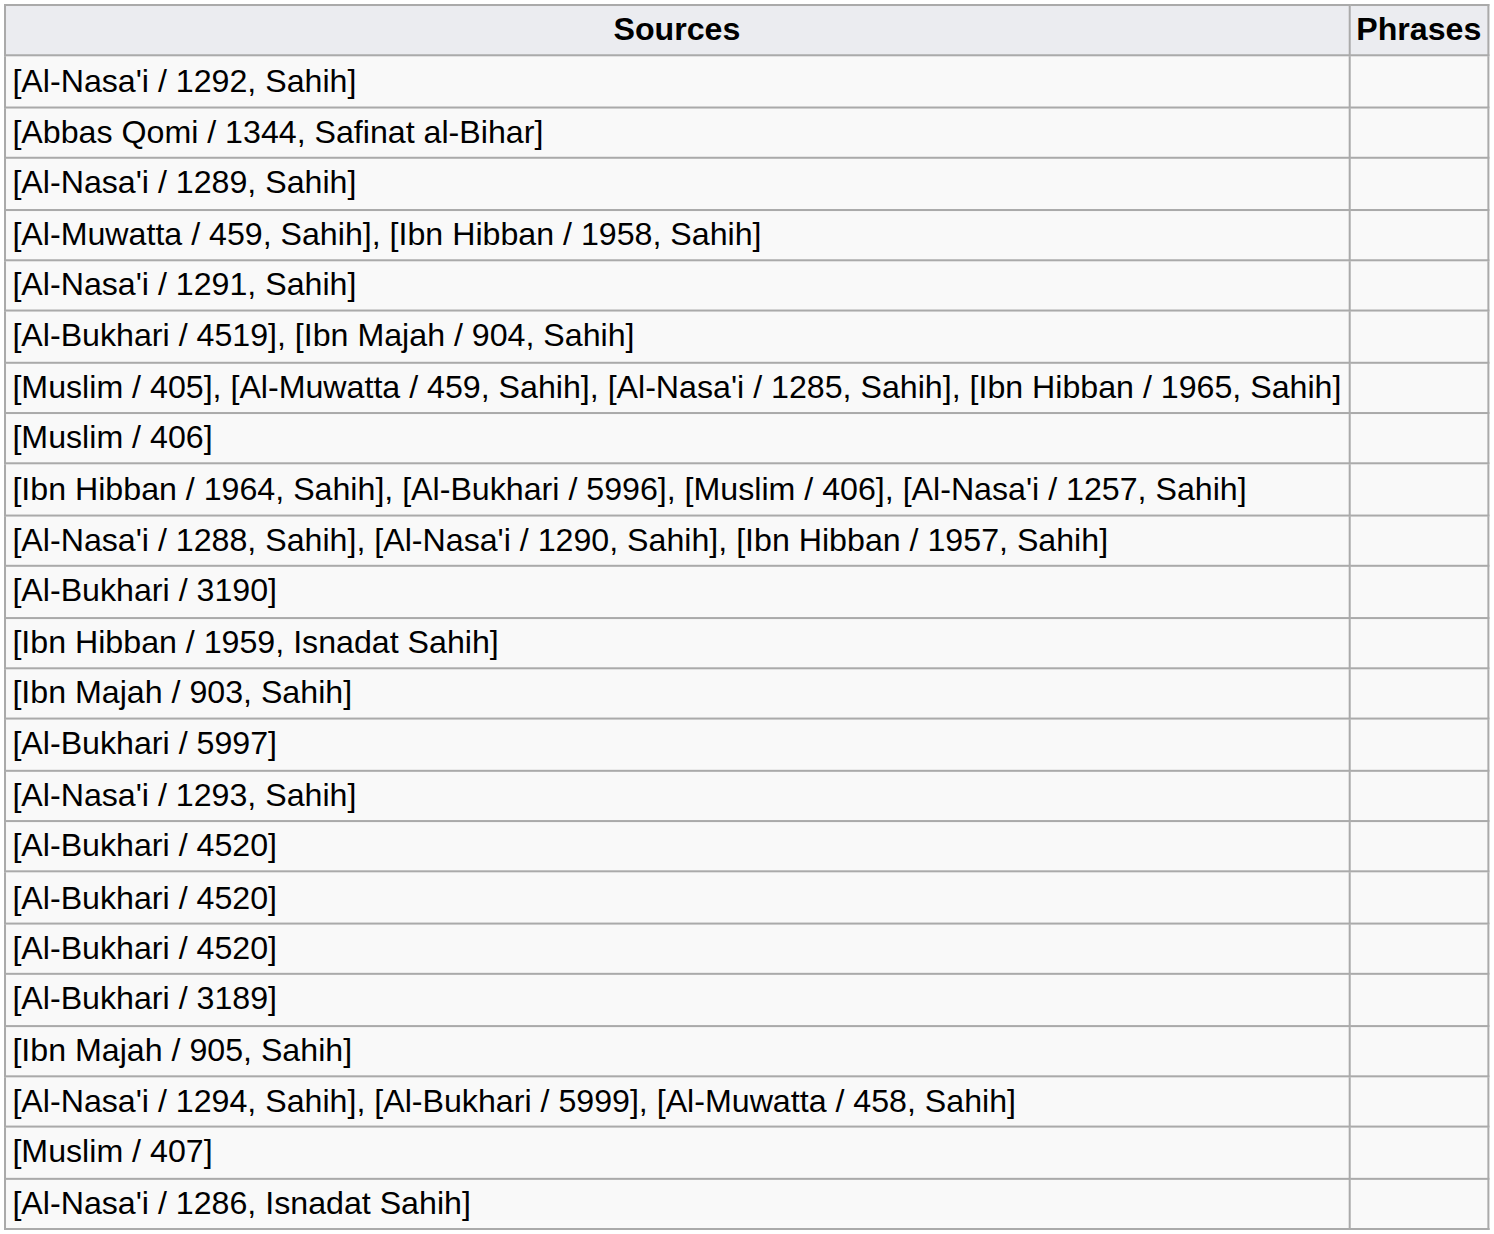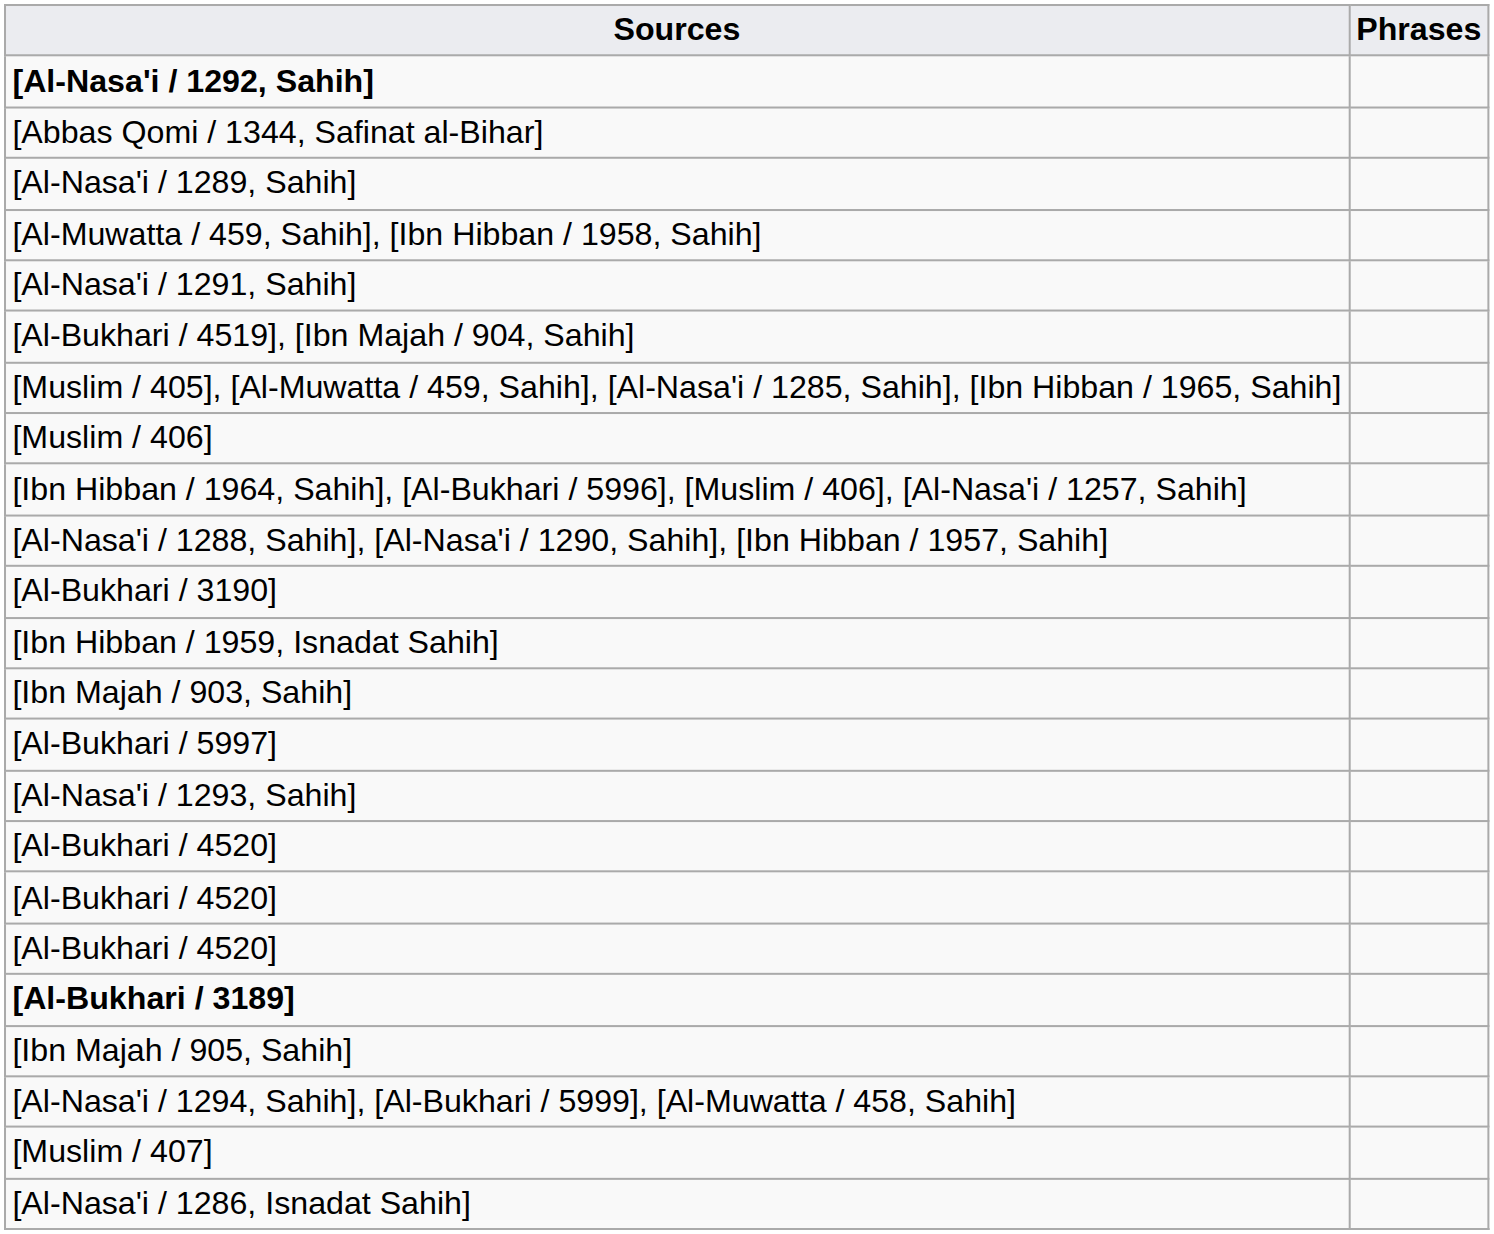 <table class="wikitable">
 <tr style="text-align: center; font-size: thin; margin-center: inherit" bgcolor="#ebecf0">
 <td><strong>Sources</strong></td>
 <td><strong>Phrases</strong></td>
 </tr>
 <tr style="vertical-align: top;">
-<td align="left">[Al-Nasa'i / 1292, Sahih]</td>
+<td align="left"><strong>[Al-Nasa'i / 1292, Sahih]</strong></td>
 <td align="right"></td>
 </tr>
 <tr>
 <td align="left">[Abbas Qomi / 1344, Safinat al-Bihar]</td>
 <td align="right"></td>
 </tr>
 <tr>
 <td align="left">[Al-Nasa'i / 1289, Sahih]</td>
 <td align="right"></td>
 </tr>
 <tr>
 <td align="left">[Al-Muwatta / 459, Sahih], [Ibn Hibban / 1958, Sahih]</td>
 <td align="right"></td>
 </tr>
 <tr>
 <td align="left">[Al-Nasa'i / 1291, Sahih]</td>
 <td align="right"></td>
 </tr>
 <tr>
 <td align="left">[Al-Bukhari / 4519], [Ibn Majah / 904, Sahih]</td>
 <td align="right"></td>
 </tr>
 <tr>
 <td align="left">[Muslim / 405], [Al-Muwatta / 459, Sahih], [Al-Nasa'i / 1285, Sahih], [Ibn Hibban / 1965, Sahih]</td>
 <td align="right"></td>
 </tr>
 <tr>
 <td align="left">[Muslim / 406]</td>
 <td align="right"></td>
 </tr>
 <tr>
 <td align="left">[Ibn Hibban / 1964, Sahih], [Al-Bukhari / 5996], [Muslim / 406], [Al-Nasa'i / 1257, Sahih]</td>
 <td align="right"></td>
 </tr>
 <tr>
 <td align="left">[Al-Nasa'i / 1288, Sahih], [Al-Nasa'i / 1290, Sahih], [Ibn Hibban / 1957, Sahih]</td>
 <td align="right"></td>
 </tr>
 <tr>
 <td align="left">[Al-Bukhari / 3190]</td>
 <td align="right"></td>
 </tr>
 <tr>
 <td align="left">[Ibn Hibban / 1959, Isnadat Sahih]</td>
 <td align="right"></td>
 </tr>
 <tr>
 <td align="left">[Ibn Majah / 903, Sahih]</td>
 <td align="right"></td>
 </tr>
 <tr>
 <td align="left">[Al-Bukhari / 5997]</td>
 <td align="right"></td>
 </tr>
 <tr>
 <td align="left">[Al-Nasa'i / 1293, Sahih]</td>
 <td align="right"></td>
 </tr>
 <tr>
 <td align="left">[Al-Bukhari / 4520]</td>
 <td align="right"></td>
 </tr>
 <tr>
 <td align="left">[Al-Bukhari / 4520]</td>
 <td align="right"></td>
 </tr>
 <tr>
 <td align="left">[Al-Bukhari / 4520]</td>
 <td align="right"></td>
 </tr>
 <tr>
-<td align="left">[Al-Bukhari / 3189]</td>
+<td align="left"><strong>[Al-Bukhari / 3189]</strong></td>
 <td align="right"></td>
 </tr>
 <tr>
 <td align="left">[Ibn Majah / 905, Sahih]</td>
 <td align="right"></td>
 </tr>
 <tr>
 <td align="left">[Al-Nasa'i / 1294, Sahih], [Al-Bukhari / 5999], [Al-Muwatta / 458, Sahih]</td>
 <td align="right"></td>
 </tr>
 <tr>
 <td align="left">[Muslim / 407]</td>
 <td align="right"></td>
 </tr>
 <tr>
 <td align="left">[Al-Nasa'i / 1286, Isnadat Sahih]</td>
 <td align="right"></td>
 </tr>
 <tr>
 </tr>
 </table>
